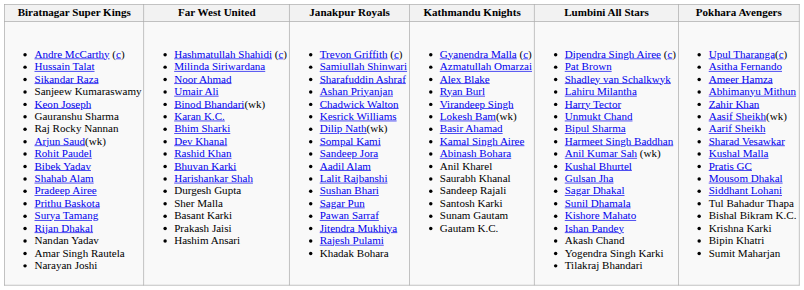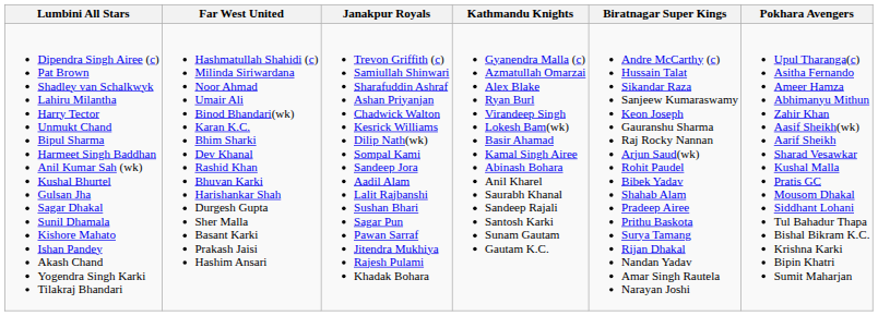 <table class="wikitable">
 <tr>
-<th>Biratnagar Super Kings</th>
+<th>Lumbini All Stars</th>
 <th>Far West United</th>
 <th>Janakpur Royals</th>
 <th>Kathmandu Knights</th>
-<th>Lumbini All Stars</th>
+<th>Biratnagar Super Kings</th>
 <th>Pokhara Avengers</th>
 </tr>
 <tr>
-<td valign="top"><br><ul><li><a href='#'>Andre McCarthy</a> (<a href='#'>c</a>)</li><li><a href='#'>Hussain Talat</a></li><li><a href='#'>Sikandar Raza</a></li><li>Sanjeew Kumaraswamy</li><li><a href='#'>Keon Joseph</a></li><li>Gauranshu Sharma</li><li>Raj Rocky Nannan</li><li><a href='#'>Arjun Saud</a>(wk)</li><li><a href='#'>Rohit Paudel</a></li><li><a href='#'>Bibek Yadav</a></li><li><a href='#'>Shahab Alam</a></li><li><a href='#'>Pradeep Airee</a></li><li><a href='#'>Prithu Baskota</a></li><li><a href='#'>Surya Tamang</a></li><li><a href='#'>Rijan Dhakal</a></li><li>Nandan Yadav</li><li>Amar Singh Rautela</li><li>Narayan Joshi</li></ul></td>
+<td valign="top"><br><ul><li><a href='#'>Dipendra Singh Airee</a> (<a href='#'>c</a>)</li><li><a href='#'>Pat Brown</a></li><li><a href='#'>Shadley van Schalkwyk</a></li><li><a href='#'>Lahiru Milantha</a></li><li><a href='#'>Harry Tector</a></li><li><a href='#'>Unmukt Chand</a></li><li><a href='#'>Bipul Sharma</a></li><li><a href='#'>Harmeet Singh Baddhan</a></li><li><a href='#'>Anil Kumar Sah</a> (wk)</li><li><a href='#'>Kushal Bhurtel</a></li><li><a href='#'>Gulsan Jha</a></li><li><a href='#'>Sagar Dhakal</a></li><li><a href='#'>Sunil Dhamala</a></li><li><a href='#'>Kishore Mahato</a></li><li><a href='#'>Ishan Pandey</a></li><li>Akash Chand</li><li>Yogendra Singh Karki</li><li>Tilakraj Bhandari</li></ul></td>
 <td valign="top"><br><ul><li><a href='#'>Hashmatullah Shahidi</a> (<a href='#'>c</a>)</li><li><a href='#'>Milinda Siriwardana</a></li><li><a href='#'>Noor Ahmad</a></li><li><a href='#'>Umair Ali</a></li><li><a href='#'>Binod Bhandari</a>(wk)</li><li><a href='#'>Karan K.C.</a></li><li><a href='#'>Bhim Sharki</a></li><li><a href='#'>Dev Khanal</a></li><li><a href='#'>Rashid Khan</a></li><li><a href='#'>Bhuvan Karki</a></li><li><a href='#'>Harishankar Shah</a></li><li>Durgesh Gupta</li><li>Sher Malla</li><li>Basant Karki</li><li>Prakash Jaisi</li><li>Hashim Ansari</li></ul></td>
 <td valign="top"><br><ul><li><a href='#'>Trevon Griffith</a> (<a href='#'>c</a>)</li><li><a href='#'>Samiullah Shinwari</a></li><li><a href='#'>Sharafuddin Ashraf</a></li><li><a href='#'>Ashan Priyanjan</a></li><li><a href='#'>Chadwick Walton</a></li><li><a href='#'>Kesrick Williams</a></li><li><a href='#'>Dilip Nath</a>(wk)</li><li><a href='#'>Sompal Kami</a></li><li><a href='#'>Sandeep Jora</a></li><li><a href='#'>Aadil Alam</a></li><li><a href='#'>Lalit Rajbanshi</a></li><li><a href='#'>Sushan Bhari</a></li><li><a href='#'>Sagar Pun</a></li><li><a href='#'>Pawan Sarraf</a></li><li><a href='#'>Jitendra Mukhiya</a></li><li><a href='#'>Rajesh Pulami</a></li><li>Khadak Bohara</li></ul></td>
 <td valign="top"><br><ul><li><a href='#'>Gyanendra Malla</a> (<a href='#'>c</a>)</li><li><a href='#'>Azmatullah Omarzai</a></li><li><a href='#'>Alex Blake</a></li><li><a href='#'>Ryan Burl</a></li><li><a href='#'>Virandeep Singh</a></li><li><a href='#'>Lokesh Bam</a>(wk)</li><li><a href='#'>Basir Ahamad</a></li><li><a href='#'>Kamal Singh Airee</a></li><li><a href='#'>Abinash Bohara</a></li><li>Anil Kharel</li><li>Saurabh Khanal</li><li>Sandeep Rajali</li><li>Santosh Karki</li><li>Sunam Gautam</li><li>Gautam K.C.</li></ul></td>
-<td valign="top"><br><ul><li><a href='#'>Dipendra Singh Airee</a> (<a href='#'>c</a>)</li><li><a href='#'>Pat Brown</a></li><li><a href='#'>Shadley van Schalkwyk</a></li><li><a href='#'>Lahiru Milantha</a></li><li><a href='#'>Harry Tector</a></li><li><a href='#'>Unmukt Chand</a></li><li><a href='#'>Bipul Sharma</a></li><li><a href='#'>Harmeet Singh Baddhan</a></li><li><a href='#'>Anil Kumar Sah</a> (wk)</li><li><a href='#'>Kushal Bhurtel</a></li><li><a href='#'>Gulsan Jha</a></li><li><a href='#'>Sagar Dhakal</a></li><li><a href='#'>Sunil Dhamala</a></li><li><a href='#'>Kishore Mahato</a></li><li><a href='#'>Ishan Pandey</a></li><li>Akash Chand</li><li>Yogendra Singh Karki</li><li>Tilakraj Bhandari</li></ul></td>
+<td valign="top"><br><ul><li><a href='#'>Andre McCarthy</a> (<a href='#'>c</a>)</li><li><a href='#'>Hussain Talat</a></li><li><a href='#'>Sikandar Raza</a></li><li>Sanjeew Kumaraswamy</li><li><a href='#'>Keon Joseph</a></li><li>Gauranshu Sharma</li><li>Raj Rocky Nannan</li><li><a href='#'>Arjun Saud</a>(wk)</li><li><a href='#'>Rohit Paudel</a></li><li><a href='#'>Bibek Yadav</a></li><li><a href='#'>Shahab Alam</a></li><li><a href='#'>Pradeep Airee</a></li><li><a href='#'>Prithu Baskota</a></li><li><a href='#'>Surya Tamang</a></li><li><a href='#'>Rijan Dhakal</a></li><li>Nandan Yadav</li><li>Amar Singh Rautela</li><li>Narayan Joshi</li></ul></td>
 <td valign="top"><br><ul><li><a href='#'>Upul Tharanga</a>(<a href='#'>c</a>)</li><li><a href='#'>Asitha Fernando</a></li><li><a href='#'>Ameer Hamza</a></li><li><a href='#'>Abhimanyu Mithun</a></li><li><a href='#'>Zahir Khan</a></li><li><a href='#'>Aasif Sheikh</a>(wk)</li><li><a href='#'>Aarif Sheikh</a></li><li><a href='#'>Sharad Vesawkar</a></li><li><a href='#'>Kushal Malla</a></li><li><a href='#'>Pratis GC</a></li><li><a href='#'>Mousom Dhakal</a></li><li><a href='#'>Siddhant Lohani</a></li><li>Tul Bahadur Thapa</li><li>Bishal Bikram K.C.</li><li>Krishna Karki</li><li>Bipin Khatri</li><li>Sumit Maharjan</li></ul></td>
 </tr>
 </table>
